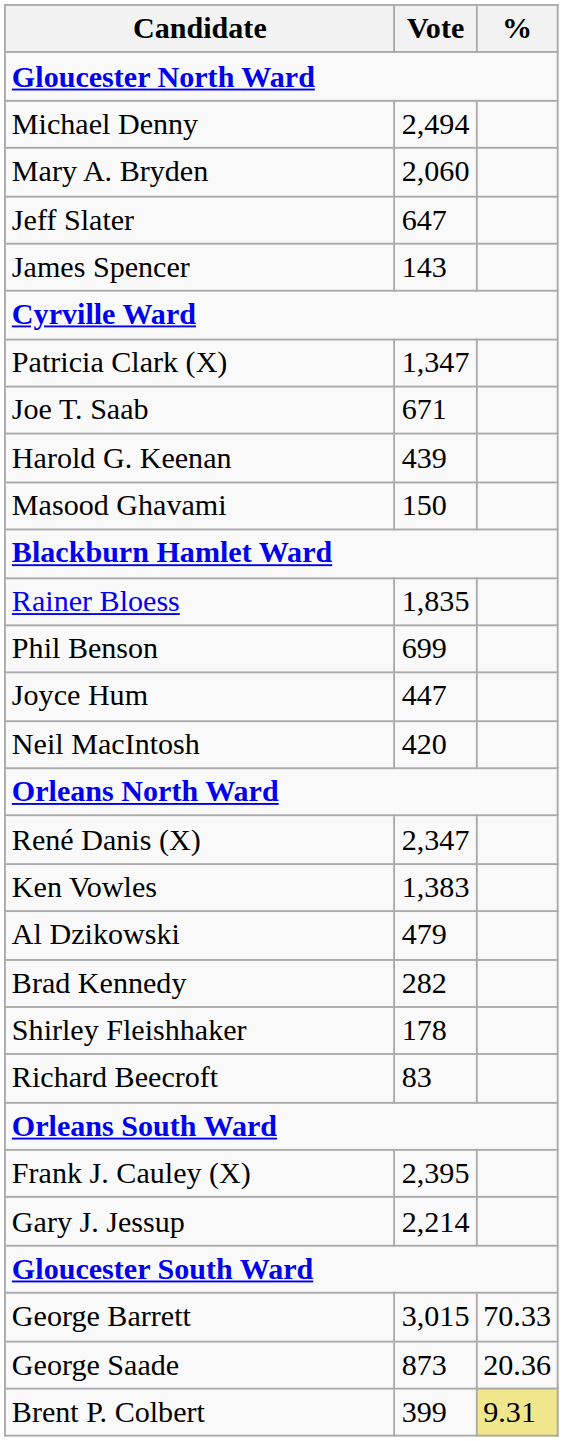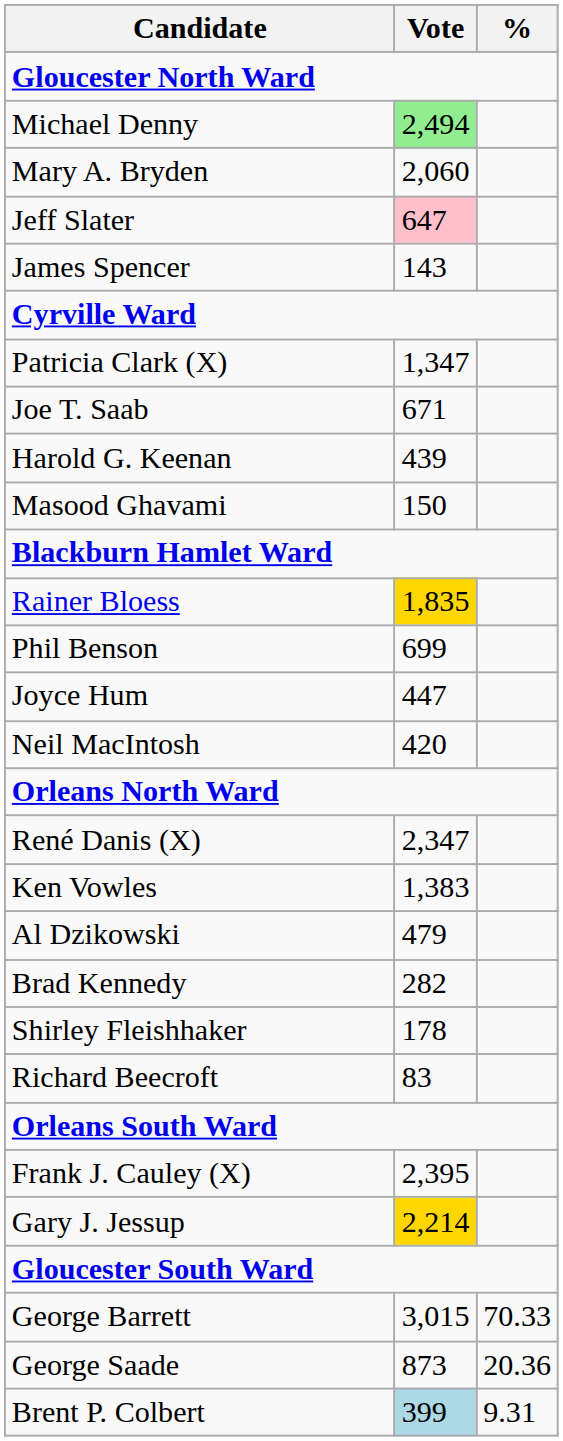 <table class="wikitable">
 <tr>
 <th bgcolor="#DDDDFF" width="200px">Candidate</th>
 <th bgcolor="#DDDDFF">Vote</th>
 <th bgcolor="#DDDDFF">%</th>
 </tr>
 <tr>
 <td colspan="4"><strong><a href='#'>Gloucester North Ward</a></strong></td>
 </tr>
 <tr>
 <td>Michael Denny</td>
-<td>2,494</td>
+<td style="background: lightgreen;">2,494</td>
 <td></td>
 </tr>
 <tr>
 <td>Mary A. Bryden</td>
 <td>2,060</td>
 <td></td>
 </tr>
 <tr>
 <td>Jeff Slater</td>
-<td>647</td>
+<td style="background: pink;">647</td>
 <td></td>
 </tr>
 <tr>
 <td>James Spencer</td>
 <td>143</td>
 <td></td>
 </tr>
 <tr>
 <td colspan="4"><strong><a href='#'>Cyrville Ward</a></strong></td>
 </tr>
 <tr>
 <td>Patricia Clark (X)</td>
 <td>1,347</td>
 <td></td>
 </tr>
 <tr>
 <td>Joe T. Saab</td>
 <td>671</td>
 <td></td>
 </tr>
 <tr>
 <td>Harold G. Keenan</td>
 <td>439</td>
 <td></td>
 </tr>
 <tr>
 <td>Masood Ghavami</td>
 <td>150</td>
 <td></td>
 </tr>
 <tr>
 <td colspan="4"><strong><a href='#'>Blackburn Hamlet Ward</a></strong></td>
 </tr>
 <tr>
 <td><a href='#'>Rainer Bloess</a></td>
-<td>1,835</td>
+<td style="background: gold;">1,835</td>
 <td></td>
 </tr>
 <tr>
 <td>Phil Benson</td>
 <td>699</td>
 <td></td>
 </tr>
 <tr>
 <td>Joyce Hum</td>
 <td>447</td>
 <td></td>
 </tr>
 <tr>
 <td>Neil MacIntosh</td>
 <td>420</td>
 <td></td>
 </tr>
 <tr>
 <td colspan="4"><strong><a href='#'>Orleans North Ward</a></strong></td>
 </tr>
 <tr>
 <td>René Danis (X)</td>
 <td>2,347</td>
 <td></td>
 </tr>
 <tr>
 <td>Ken Vowles</td>
 <td>1,383</td>
 <td></td>
 </tr>
 <tr>
 <td>Al Dzikowski</td>
 <td>479</td>
 <td></td>
 </tr>
 <tr>
 <td>Brad Kennedy</td>
 <td>282</td>
 <td></td>
 </tr>
 <tr>
 <td>Shirley Fleishhaker</td>
 <td>178</td>
 <td></td>
 </tr>
 <tr>
 <td>Richard Beecroft</td>
 <td>83</td>
 <td></td>
 </tr>
 <tr>
 <td colspan="4"><strong><a href='#'>Orleans South Ward</a></strong></td>
 </tr>
 <tr>
 <td>Frank J. Cauley (X)</td>
 <td>2,395</td>
 <td></td>
 </tr>
 <tr>
 <td>Gary J. Jessup</td>
-<td>2,214</td>
+<td style="background: gold;">2,214</td>
 <td></td>
 </tr>
 <tr>
 <td colspan="4"><strong><a href='#'>Gloucester South Ward</a></strong></td>
 </tr>
 <tr>
 <td>George Barrett</td>
 <td>3,015</td>
 <td>70.33</td>
 </tr>
 <tr>
 <td>George Saade</td>
 <td>873</td>
 <td>20.36</td>
 </tr>
 <tr>
 <td>Brent P. Colbert</td>
-<td>399</td>
-<td style="background: khaki;">9.31</td>
+<td style="background: lightblue;">399</td>
+<td>9.31</td>
 </tr>
 </table>
